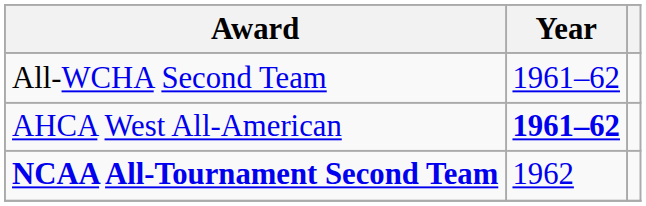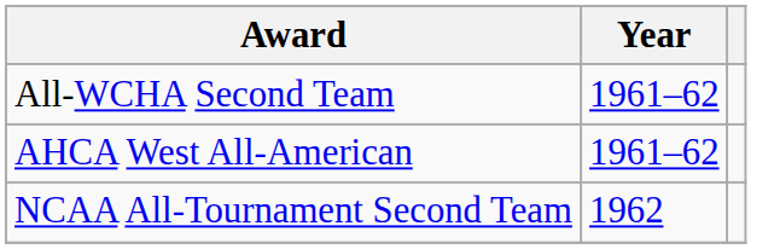 <table class="wikitable">
 <tr>
 <th>Award</th>
 <th>Year</th>
 <th></th>
 </tr>
 <tr>
 <td>All-<a href='#'>WCHA</a> <a href='#'>Second Team</a></td>
 <td><a href='#'>1961–62</a></td>
 <td></td>
 </tr>
 <tr>
 <td><a href='#'>AHCA</a> <a href='#'>West All-American</a></td>
-<td><strong><a href='#'>1961–62</a></strong></td>
+<td><a href='#'>1961–62</a></td>
 <td></td>
 </tr>
 <tr>
-<td><strong><a href='#'>NCAA</a> <a href='#'>All-Tournament Second Team</a></strong></td>
+<td><a href='#'>NCAA</a> <a href='#'>All-Tournament Second Team</a></td>
 <td><a href='#'>1962</a></td>
 <td></td>
 </tr>
 <tr>
 </tr>
 </table>
